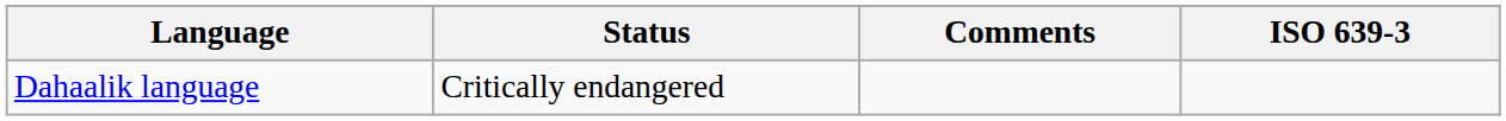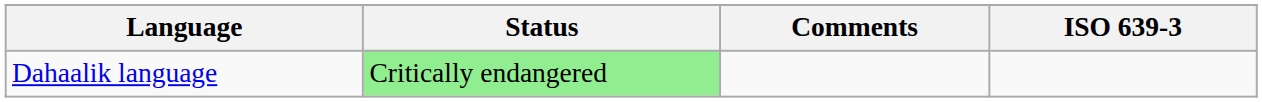 <table class="wikitable" style="margin:auto; font-size:90%;">
 <tr>
 </tr>
 <tr>
 <th style="width:20%;">Language</th>
 <th style="width:20%;">Status</th>
 <th style="width:15%;">Comments</th>
 <th style="width:15%;">ISO 639-3</th>
 </tr>
 <tr>
 <td><a href='#'>Dahaalik language</a></td>
-<td>Critically endangered</td>
+<td style="background: lightgreen;">Critically endangered</td>
 <td> </td>
 <td> </td>
 </tr>
 </table>
